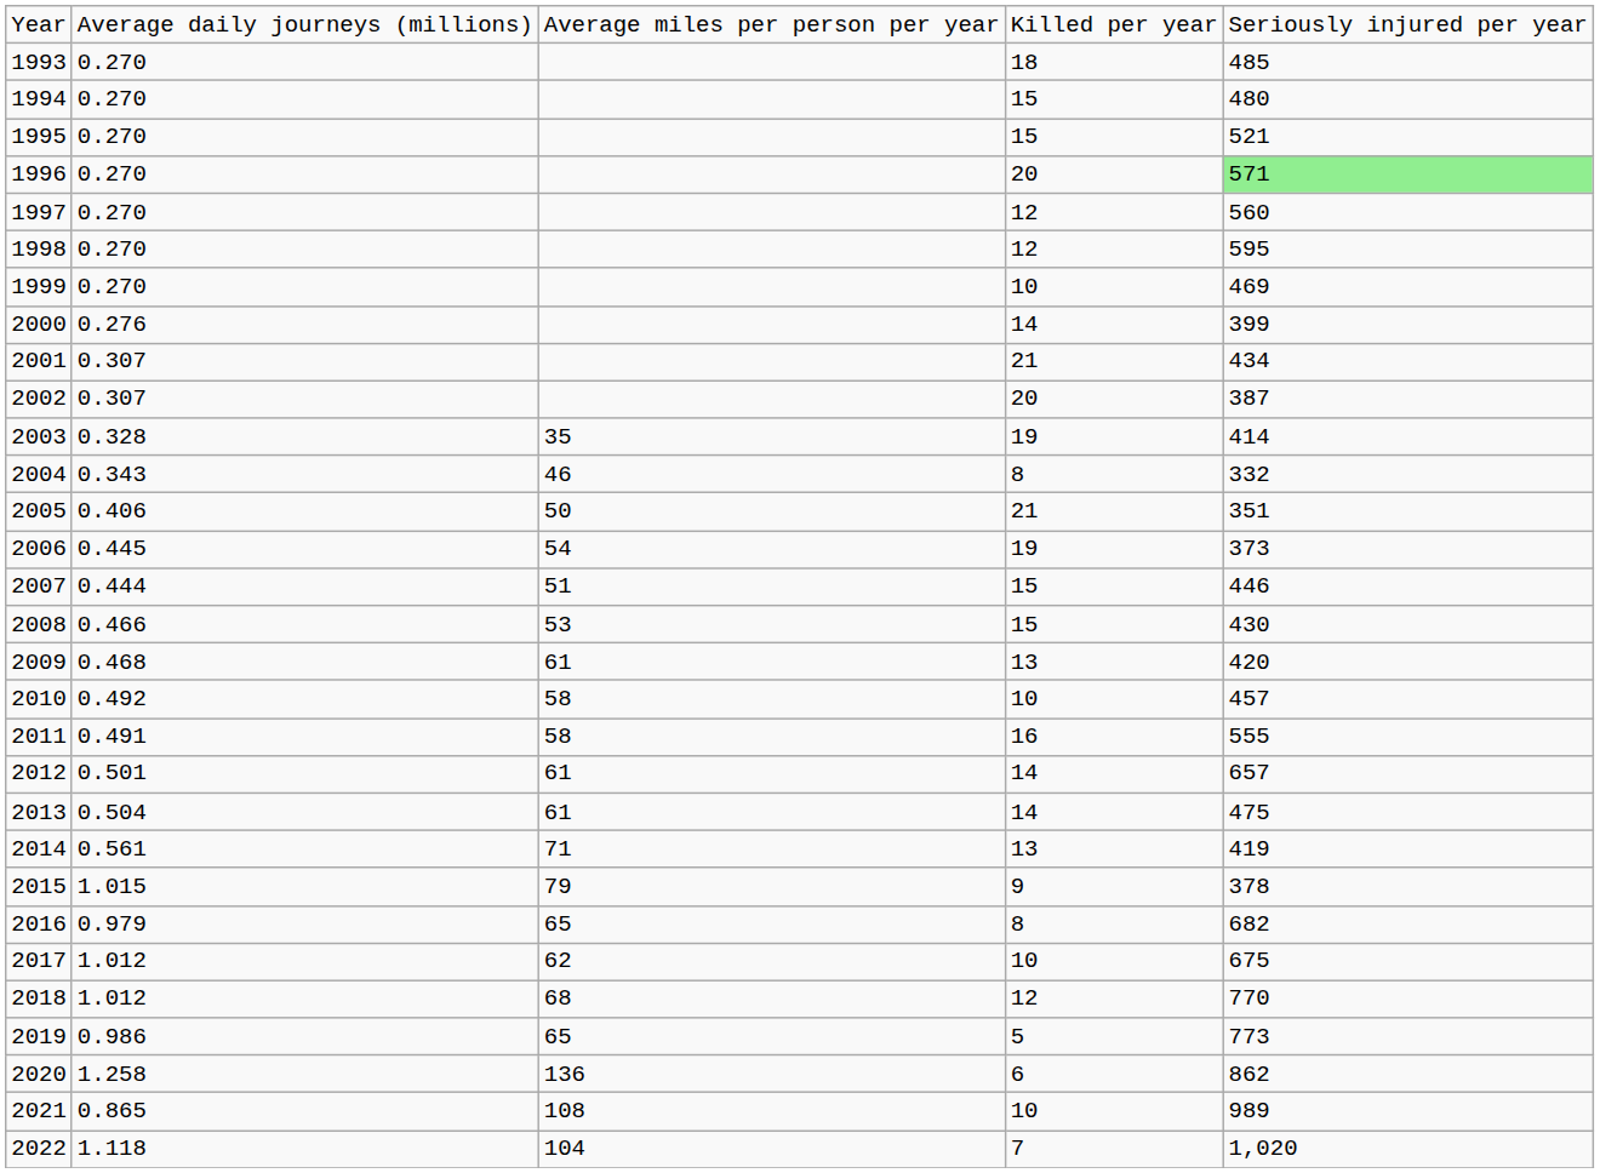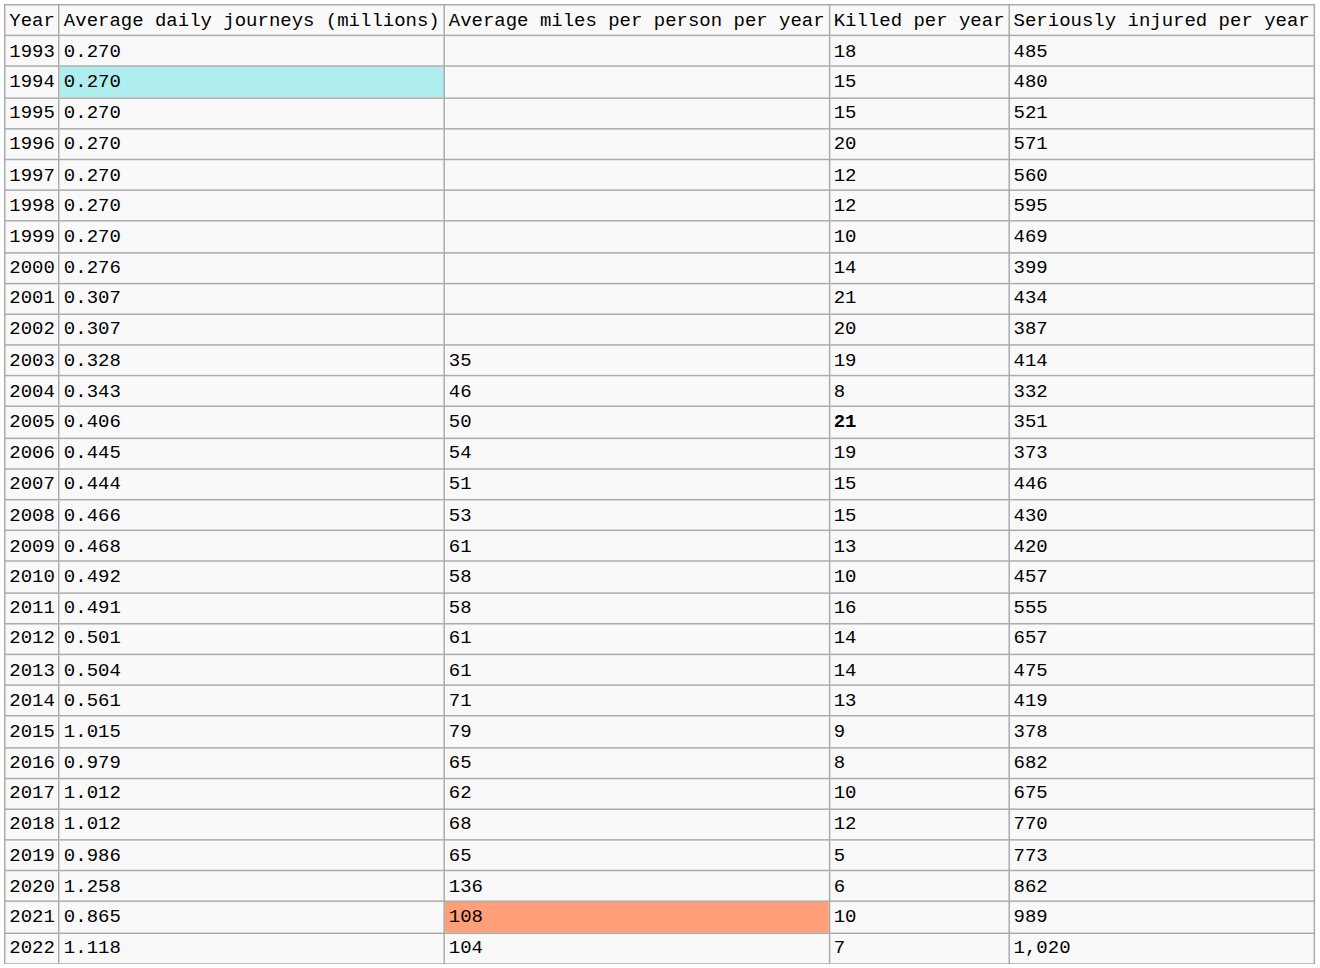 <table class="wikitable sortable mw-collapsible">
 <tr>
 <td>Year</td>
 <td>Average daily journeys (millions)</td>
 <td>Average miles per person per year</td>
 <td>Killed per year</td>
 <td>Seriously injured per year</td>
 </tr>
 <tr>
 <td>1993</td>
 <td>0.270</td>
 <td></td>
 <td>18</td>
 <td>485</td>
 </tr>
 <tr>
 <td>1994</td>
-<td>0.270</td>
+<td style="background: paleturquoise;">0.270</td>
 <td></td>
 <td>15</td>
 <td>480</td>
 </tr>
 <tr>
 <td>1995</td>
 <td>0.270</td>
 <td></td>
 <td>15</td>
 <td>521</td>
 </tr>
 <tr>
 <td>1996</td>
 <td>0.270</td>
 <td></td>
 <td>20</td>
-<td style="background: lightgreen;">571</td>
+<td>571</td>
 </tr>
 <tr>
 <td>1997</td>
 <td>0.270</td>
 <td></td>
 <td>12</td>
 <td>560</td>
 </tr>
 <tr>
 <td>1998</td>
 <td>0.270</td>
 <td></td>
 <td>12</td>
 <td>595</td>
 </tr>
 <tr>
 <td>1999</td>
 <td>0.270</td>
 <td></td>
 <td>10</td>
 <td>469</td>
 </tr>
 <tr>
 <td>2000</td>
 <td>0.276</td>
 <td></td>
 <td>14</td>
 <td>399</td>
 </tr>
 <tr>
 <td>2001</td>
 <td>0.307</td>
 <td></td>
 <td>21</td>
 <td>434</td>
 </tr>
 <tr>
 <td>2002</td>
 <td>0.307</td>
 <td></td>
 <td>20</td>
 <td>387</td>
 </tr>
 <tr>
 <td>2003</td>
 <td>0.328</td>
 <td>35</td>
 <td>19</td>
 <td>414</td>
 </tr>
 <tr>
 <td>2004</td>
 <td>0.343</td>
 <td>46</td>
 <td>8</td>
 <td>332</td>
 </tr>
 <tr>
 <td>2005</td>
 <td>0.406</td>
 <td>50</td>
-<td>21</td>
+<td><strong>21</strong></td>
 <td>351</td>
 </tr>
 <tr>
 <td>2006</td>
 <td>0.445</td>
 <td>54</td>
 <td>19</td>
 <td>373</td>
 </tr>
 <tr>
 <td>2007</td>
 <td>0.444</td>
 <td>51</td>
 <td>15</td>
 <td>446</td>
 </tr>
 <tr>
 <td>2008</td>
 <td>0.466</td>
 <td>53</td>
 <td>15</td>
 <td>430</td>
 </tr>
 <tr>
 <td>2009</td>
 <td>0.468</td>
 <td>61</td>
 <td>13</td>
 <td>420</td>
 </tr>
 <tr>
 <td>2010</td>
 <td>0.492</td>
 <td>58</td>
 <td>10</td>
 <td>457</td>
 </tr>
 <tr>
 <td>2011</td>
 <td>0.491</td>
 <td>58</td>
 <td>16</td>
 <td>555</td>
 </tr>
 <tr>
 <td>2012</td>
 <td>0.501</td>
 <td>61</td>
 <td>14</td>
 <td>657</td>
 </tr>
 <tr>
 <td>2013</td>
 <td>0.504</td>
 <td>61</td>
 <td>14</td>
 <td>475</td>
 </tr>
 <tr>
 <td>2014</td>
 <td>0.561</td>
 <td>71</td>
 <td>13</td>
 <td>419</td>
 </tr>
 <tr>
 <td>2015</td>
 <td>1.015</td>
 <td>79</td>
 <td>9</td>
 <td>378</td>
 </tr>
 <tr>
 <td>2016</td>
 <td>0.979</td>
 <td>65</td>
 <td>8</td>
 <td>682</td>
 </tr>
 <tr>
 <td>2017</td>
 <td>1.012</td>
 <td>62</td>
 <td>10</td>
 <td>675</td>
 </tr>
 <tr>
 <td>2018</td>
 <td>1.012</td>
 <td>68</td>
 <td>12</td>
 <td>770</td>
 </tr>
 <tr>
 <td>2019</td>
 <td>0.986</td>
 <td>65</td>
 <td>5</td>
 <td>773</td>
 </tr>
 <tr>
 <td>2020</td>
 <td>1.258</td>
 <td>136</td>
 <td>6</td>
 <td>862</td>
 </tr>
 <tr>
 <td>2021</td>
 <td>0.865</td>
-<td>108</td>
+<td style="background: lightsalmon;">108</td>
 <td>10</td>
 <td>989</td>
 </tr>
 <tr>
 <td>2022</td>
 <td>1.118</td>
 <td>104</td>
 <td>7</td>
 <td>1,020</td>
 </tr>
 </table>
